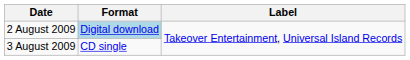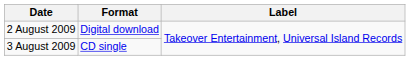 <table class=wikitable>
 <tr>
 <th>Date</th>
 <th>Format</th>
 <th>Label</th>
 </tr>
 <tr>
 <td>2 August 2009</td>
-<td style="background: lightblue;"><a href='#'>Digital download</a></td>
+<td><a href='#'>Digital download</a></td>
 <td rowspan="2"><a href='#'>Takeover Entertainment</a>, <a href='#'>Universal Island Records</a></td>
 </tr>
 <tr>
 <td>3 August 2009</td>
 <td><a href='#'>CD single</a></td>
 </tr>
 </table>
